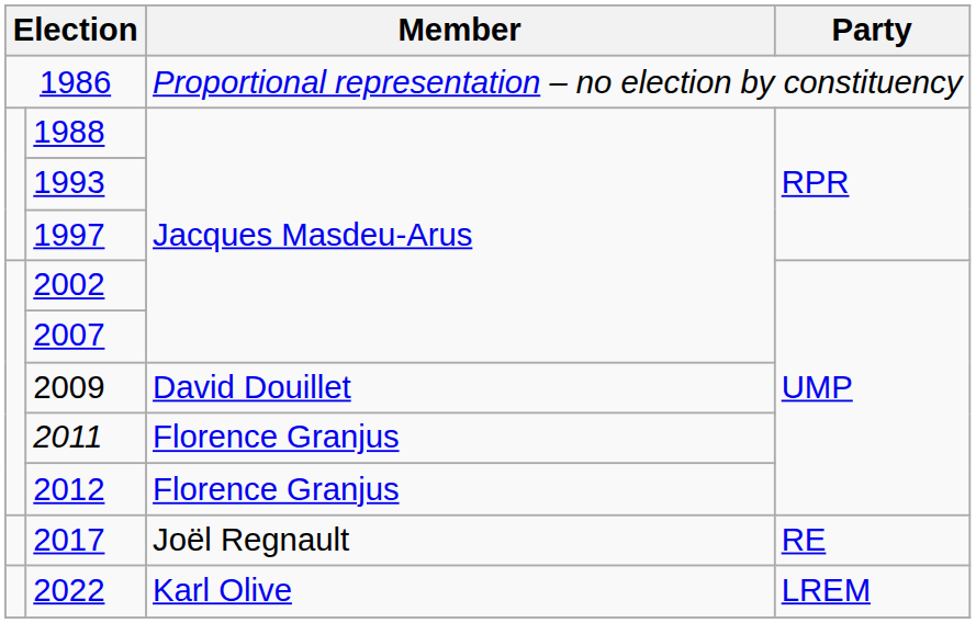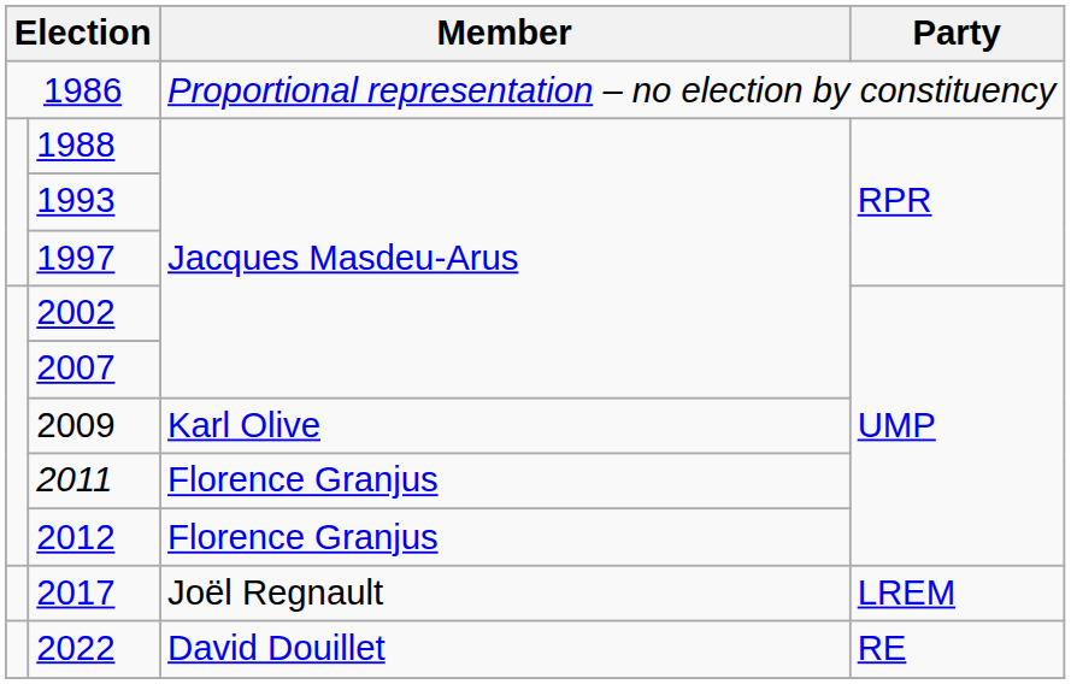 <table class="wikitable">
 <tr>
 <th colspan=2>Election</th>
 <th>Member</th>
 <th>Party</th>
 </tr>
 <tr>
 <td colspan=2 align="center"><a href='#'>1986</a></td>
 <td colspan=2><em><a href='#'>Proportional representation</a> – no election by constituency</em></td>
 </tr>
 <tr>
 <td rowspan="3" style="color:inherit;background-color: "></td>
 <td><a href='#'>1988</a></td>
 <td rowspan="5"><a href='#'>Jacques Masdeu-Arus</a></td>
 <td rowspan="3"><a href='#'>RPR</a></td>
 </tr>
 <tr>
 <td><a href='#'>1993</a></td>
 </tr>
 <tr>
 <td><a href='#'>1997</a></td>
 </tr>
 <tr>
 <td rowspan="5" style="color:inherit;background-color: "></td>
 <td><a href='#'>2002</a></td>
 <td rowspan="5"><a href='#'>UMP</a></td>
 </tr>
 <tr>
 <td><a href='#'>2007</a></td>
 </tr>
 <tr>
 <td>2009</td>
-<td><a href='#'>David Douillet</a></td>
+<td><a href='#'>Karl Olive</a></td>
 </tr>
 <tr>
 <td><em>2011</em></td>
 <td><a href='#'>Florence Granjus</a></td>
 </tr>
 <tr>
 <td><a href='#'>2012</a></td>
 <td><a href='#'>Florence Granjus</a></td>
 </tr>
 <tr>
 <td style="color:inherit;background:"></td>
 <td><a href='#'>2017</a></td>
 <td>Joël Regnault</td>
-<td><a href='#'>RE</a></td>
+<td><a href='#'>LREM</a></td>
 </tr>
 <tr>
 <td style="color:inherit;background:"></td>
 <td><a href='#'>2022</a></td>
-<td><a href='#'>Karl Olive</a></td>
-<td><a href='#'>LREM</a></td>
+<td><a href='#'>David Douillet</a></td>
+<td><a href='#'>RE</a></td>
 </tr>
 </table>
